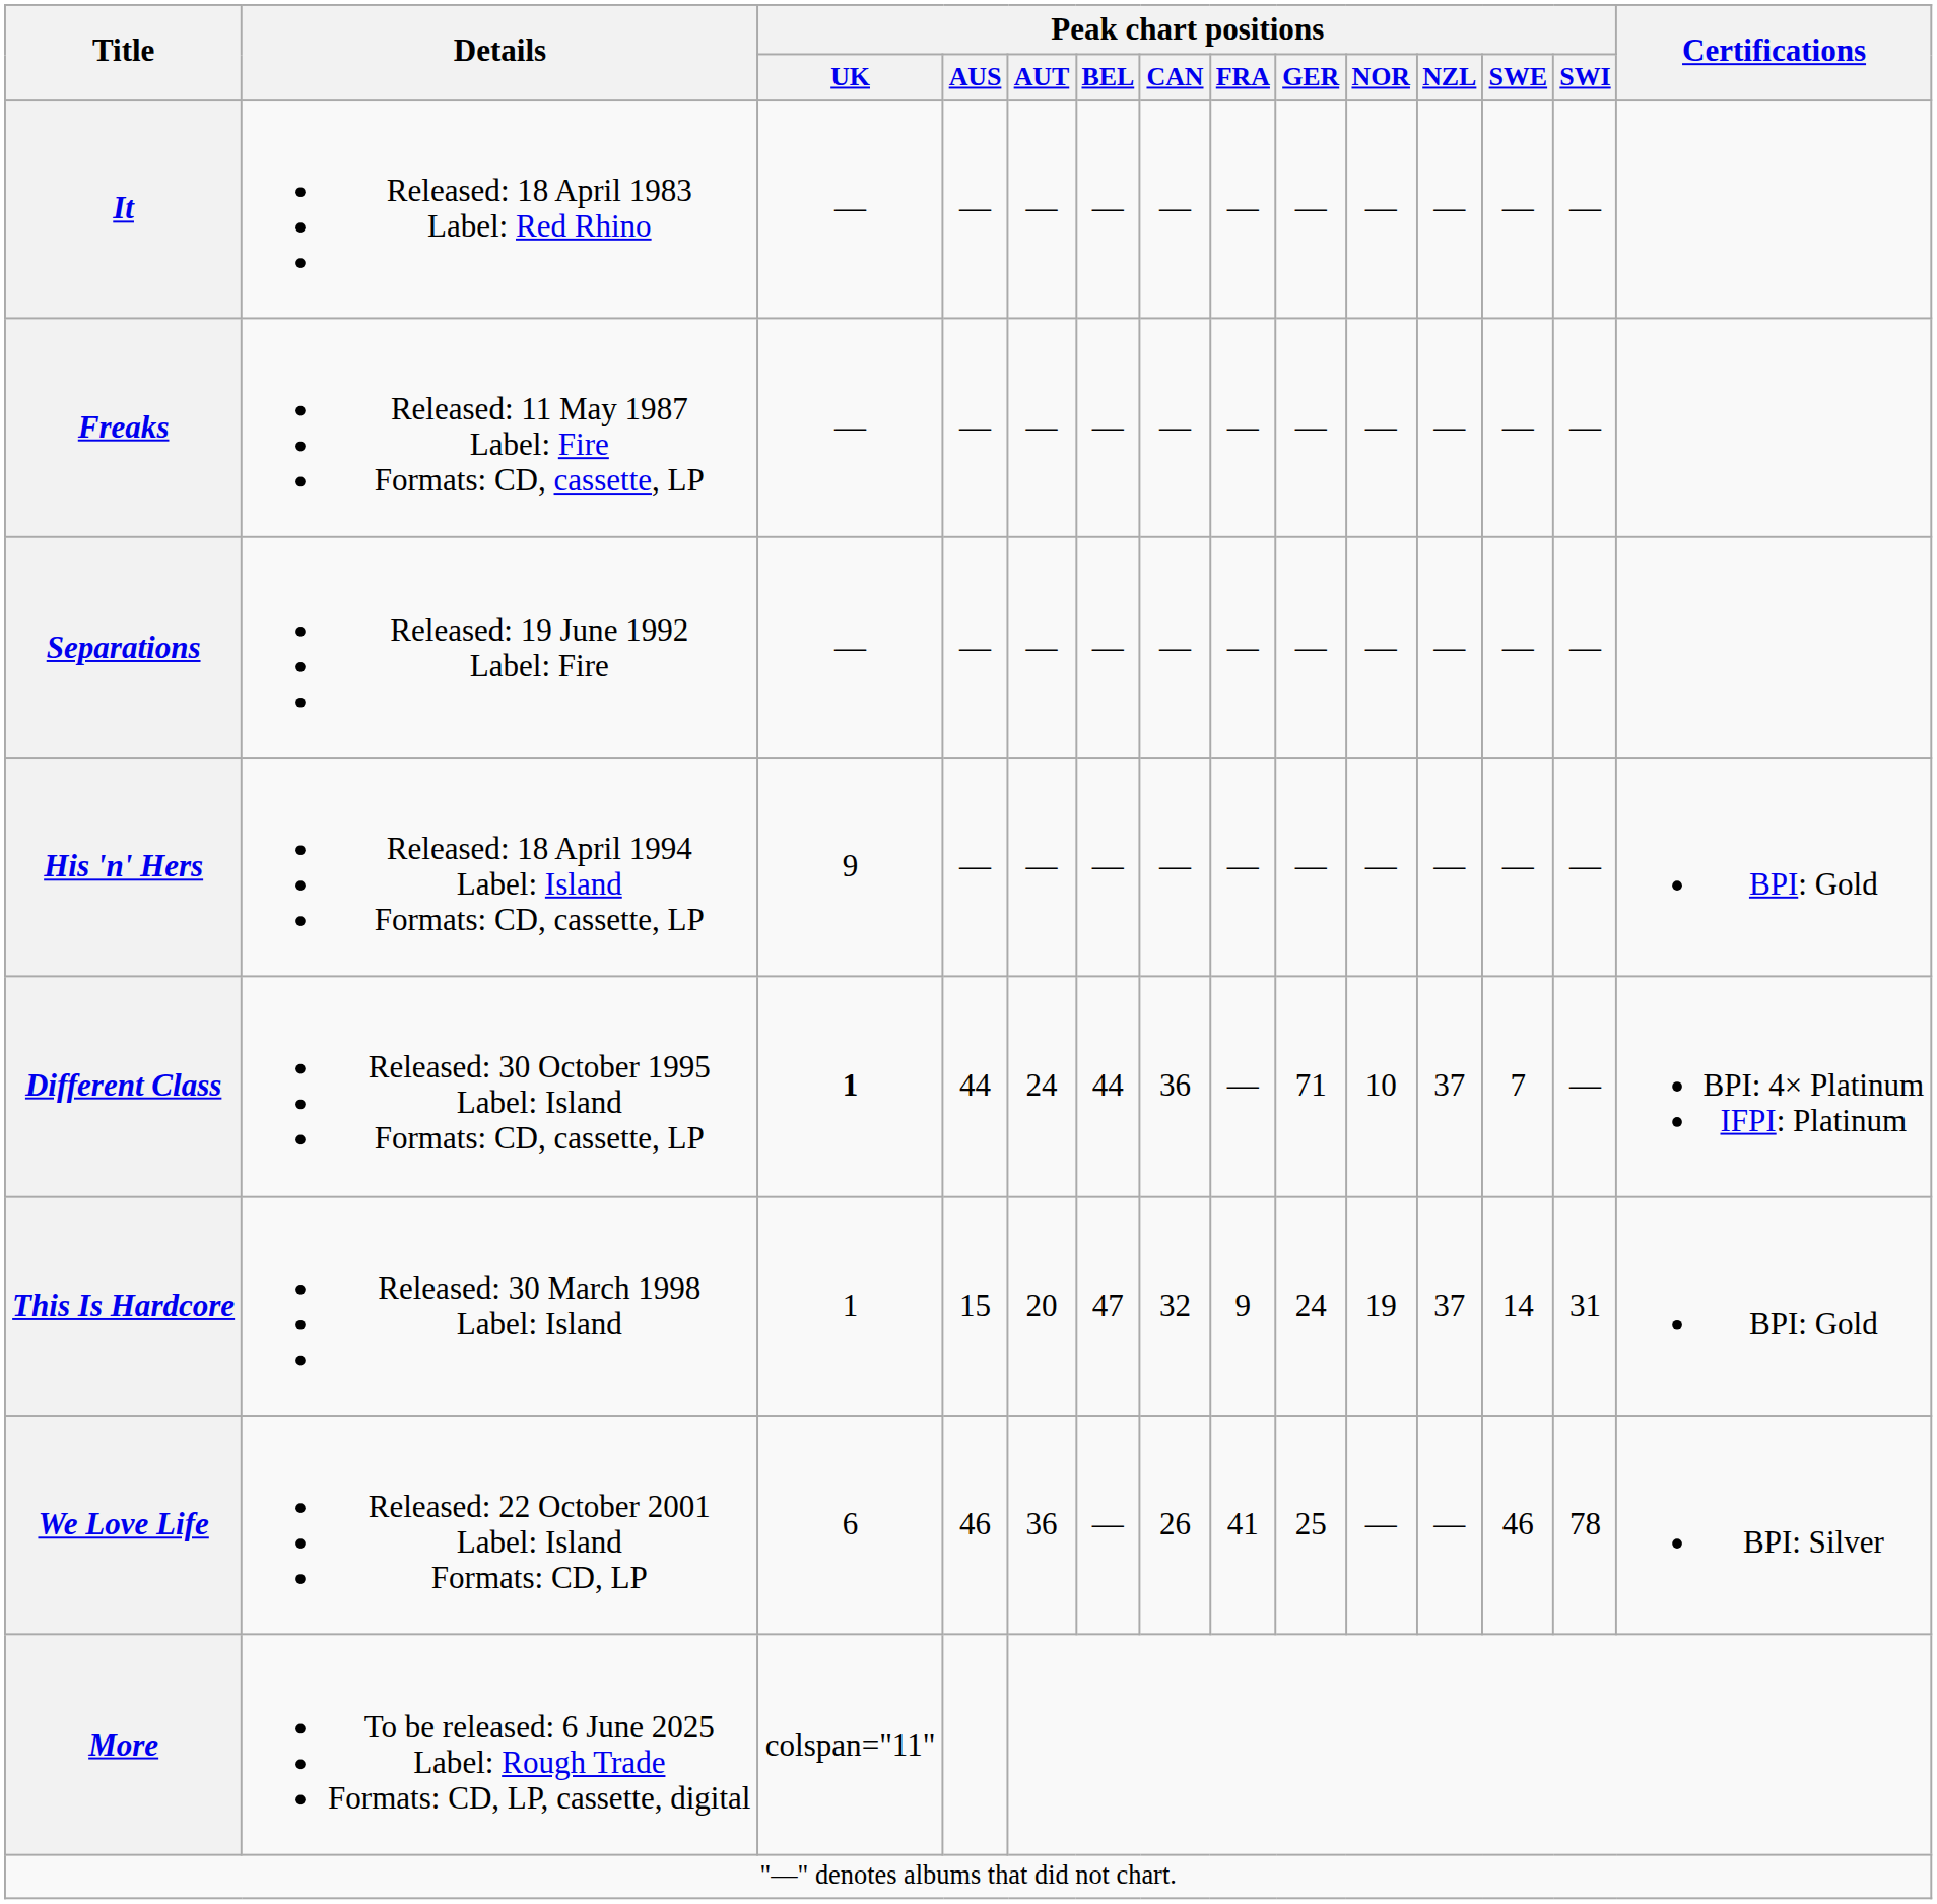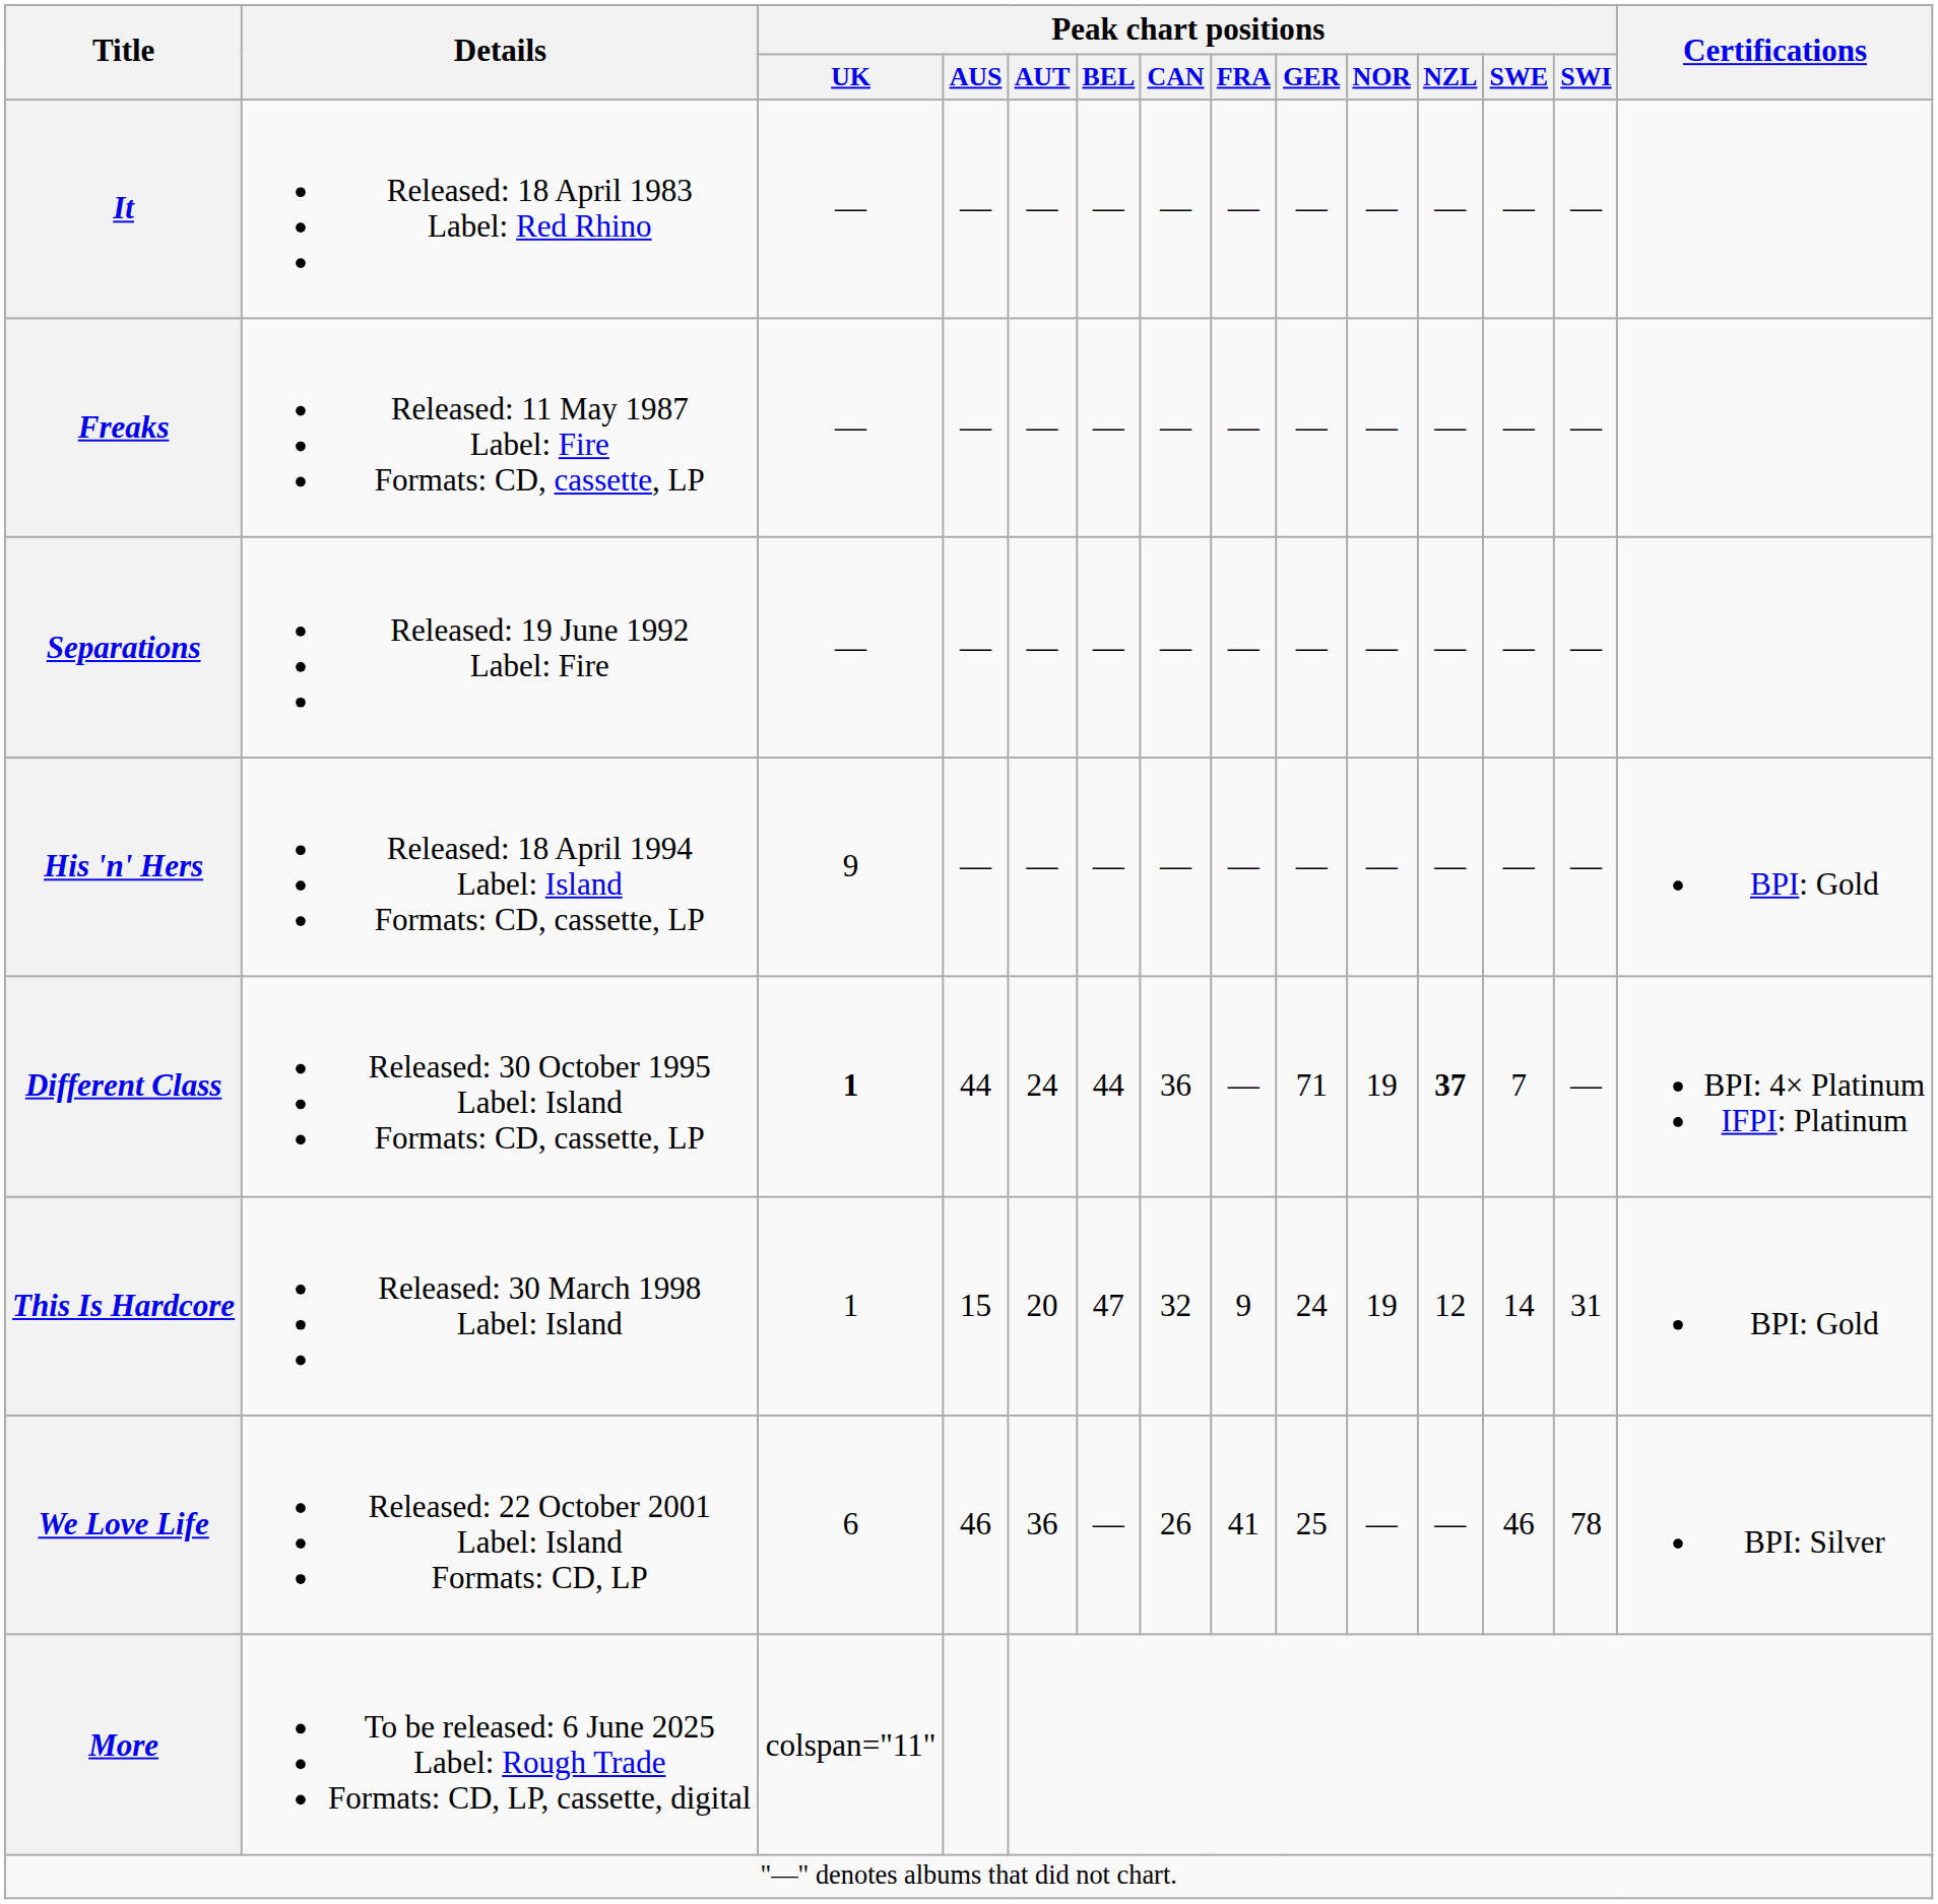 <table class="wikitable plainrowheaders" style=text-align:center;>
 <tr>
 <th scope="col" rowspan="2">Title</th>
 <th scope="col" rowspan="2">Details</th>
 <th scope="col" colspan="11">Peak chart positions</th>
 <th scope="col" rowspan="2"><a href='#'>Certifications</a></th>
 </tr>
 <tr style="font-size:smaller">
 <th scope="col" width="25"><a href='#'>UK</a><br></th>
 <th scope="col" width="25"><a href='#'>AUS</a><br></th>
 <th scope="col" width="25"><a href='#'>AUT</a><br></th>
 <th scope="col" width="25"><a href='#'>BEL</a><br></th>
 <th scope="col" width="25"><a href='#'>CAN</a><br></th>
 <th scope="col" width="25"><a href='#'>FRA</a><br></th>
 <th scope="col" width="25"><a href='#'>GER</a><br></th>
 <th scope="col" width="25"><a href='#'>NOR</a><br></th>
 <th><a href='#'>NZL</a><br></th>
 <th scope="col" width="25"><a href='#'>SWE</a><br></th>
 <th scope="col" width="25"><a href='#'>SWI</a><br></th>
 </tr>
 <tr>
 <th scope="row"><em><a href='#'>It</a></em></th>
 <td><br><ul><li>Released: 18 April 1983</li><li>Label: <a href='#'>Red Rhino</a> </li><li></li></ul></td>
 <td>—</td>
 <td>—</td>
 <td>—</td>
 <td>—</td>
 <td>—</td>
 <td>—</td>
 <td>—</td>
 <td>—</td>
 <td>—</td>
 <td>—</td>
 <td>—</td>
 <td></td>
 </tr>
 <tr>
 <th scope="row"><em><a href='#'>Freaks</a></em></th>
 <td><br><ul><li>Released: 11 May 1987</li><li>Label: <a href='#'>Fire</a> </li><li>Formats: CD, <a href='#'>cassette</a>, LP</li></ul></td>
 <td>—</td>
 <td>—</td>
 <td>—</td>
 <td>—</td>
 <td>—</td>
 <td>—</td>
 <td>—</td>
 <td>—</td>
 <td>—</td>
 <td>—</td>
 <td>—</td>
 <td></td>
 </tr>
 <tr>
 <th scope="row"><em><a href='#'>Separations</a></em></th>
 <td><br><ul><li>Released: 19 June 1992</li><li>Label: Fire </li><li></li></ul></td>
 <td>—</td>
 <td>—</td>
 <td>—</td>
 <td>—</td>
 <td>—</td>
 <td>—</td>
 <td>—</td>
 <td>—</td>
 <td>—</td>
 <td>—</td>
 <td>—</td>
 <td></td>
 </tr>
 <tr>
 <th scope="row"><em><a href='#'>His 'n' Hers</a></em></th>
 <td><br><ul><li>Released: 18 April 1994</li><li>Label: <a href='#'>Island</a> </li><li>Formats: CD, cassette, LP</li></ul></td>
 <td>9</td>
 <td>—</td>
 <td>—</td>
 <td>—</td>
 <td>—</td>
 <td>—</td>
 <td>—</td>
 <td>—</td>
 <td>—</td>
 <td>—</td>
 <td>—</td>
 <td><br><ul><li><a href='#'>BPI</a>: Gold</li></ul></td>
 </tr>
 <tr>
 <th scope="row"><em><a href='#'>Different Class</a></em></th>
 <td><br><ul><li>Released: 30 October 1995</li><li>Label: Island </li><li>Formats: CD, cassette, LP</li></ul></td>
 <td><strong>1</strong></td>
 <td>44</td>
 <td>24</td>
 <td>44</td>
 <td>36</td>
 <td>—</td>
 <td>71</td>
-<td>10</td>
-<td>37</td>
+<td>19</td>
+<td><strong>37</strong></td>
 <td>7</td>
 <td>—</td>
 <td><br><ul><li>BPI: 4× Platinum</li><li><a href='#'>IFPI</a>: Platinum</li></ul></td>
 </tr>
 <tr>
 <th scope="row"><em><a href='#'>This Is Hardcore</a></em></th>
 <td><br><ul><li>Released: 30 March 1998</li><li>Label: Island </li><li></li></ul></td>
 <td>1</td>
 <td>15</td>
 <td>20</td>
 <td>47</td>
 <td>32</td>
 <td>9</td>
 <td>24</td>
 <td>19</td>
-<td>37</td>
+<td>12</td>
 <td>14</td>
 <td>31</td>
 <td><br><ul><li>BPI: Gold</li></ul></td>
 </tr>
 <tr>
 <th scope="row"><em><a href='#'>We Love Life</a></em></th>
 <td><br><ul><li>Released: 22 October 2001</li><li>Label: Island </li><li>Formats: CD, LP</li></ul></td>
 <td>6</td>
 <td>46</td>
 <td>36</td>
 <td>—</td>
 <td>26</td>
 <td>41</td>
 <td>25</td>
 <td>—</td>
 <td>—</td>
 <td>46</td>
 <td>78</td>
 <td><br><ul><li>BPI: Silver</li></ul></td>
 </tr>
 <tr>
 <th scope="row"><em><a href='#'>More</a></em></th>
 <td><br><ul><li>To be released: 6 June 2025</li><li>Label: <a href='#'>Rough Trade</a> </li><li>Formats: CD, LP, cassette, digital</li></ul></td>
 <td>colspan="11" </td>
 <td></td>
 </tr>
 <tr>
 <td colspan="14" style="font-size: 85%">"—" denotes albums that did not chart.</td>
 </tr>
 </table>
